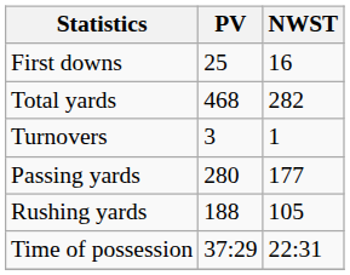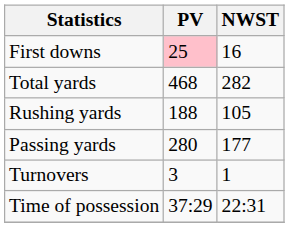 <table class="wikitable" style="float: left;">
 <tr>
 <th>Statistics</th>
 <th>PV</th>
 <th>NWST</th>
 </tr>
 <tr>
 <td>First downs</td>
-<td>25</td>
+<td style="background: pink;">25</td>
 <td>16</td>
 </tr>
 <tr>
 <td>Total yards</td>
 <td>468</td>
 <td>282</td>
 </tr>
 <tr>
-<td>Turnovers</td>
-<td>3</td>
-<td>1</td>
+<td>Rushing yards</td>
+<td>188</td>
+<td>105</td>
 </tr>
 <tr>
 <td>Passing yards</td>
 <td>280</td>
 <td>177</td>
 </tr>
 <tr>
-<td>Rushing yards</td>
-<td>188</td>
-<td>105</td>
+<td>Turnovers</td>
+<td>3</td>
+<td>1</td>
 </tr>
 <tr>
 <td>Time of possession</td>
 <td>37:29</td>
 <td>22:31</td>
 </tr>
 <tr>
 </tr>
 </table>
